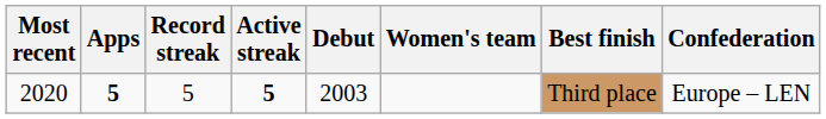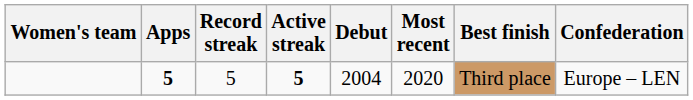 <table class="wikitable" style="text-align: center; font-size: 90%; margin-left: 1em;">
 <tr>
-<th>Most<br>recent</th>
+<th>Women's team</th>
 <th>Apps</th>
 <th>Record<br>streak</th>
 <th>Active<br>streak</th>
 <th>Debut</th>
-<th>Women's team</th>
+<th>Most<br>recent</th>
 <th>Best finish</th>
 <th>Confederation</th>
 </tr>
 <tr>
-<td>2020</td>
+<td style="text-align: left;"></td>
 <td><strong>5</strong></td>
 <td>5</td>
 <td><strong>5</strong></td>
-<td>2003</td>
-<td style="text-align: left;"></td>
+<td>2004</td>
+<td>2020</td>
 <td style="background-color: #cc9966;">Third place</td>
 <td>Europe – LEN</td>
 </tr>
 </table>
